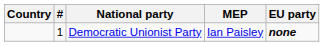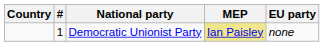 <table class="wikitable sortable mw-collapsible mw-collapsed" style="font-size:90%">
 <tr>
 <th>Country</th>
 <th colspan=2>#</th>
 <th>National party</th>
 <th>MEP</th>
 <th>EU party</th>
 </tr>
 <tr>
 <td></td>
 <td colspan=2>1</td>
 <td><a href='#'>Democratic Unionist Party</a></td>
-<td><a href='#'>Ian Paisley</a></td>
-<td><strong><em>none</em></strong></td>
+<td style="background: khaki;"><a href='#'>Ian Paisley</a></td>
+<td><em>none</em></td>
 </tr>
 </table>
